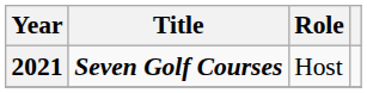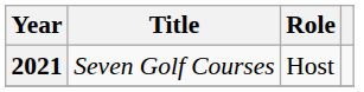 <table class="wikitable sortable plainrowheaders">
 <tr>
 <th scope="col">Year</th>
 <th scope="col">Title</th>
 <th scope="col">Role</th>
 <th scope="col" class="unsortable"></th>
 </tr>
 <tr>
 <th scope="row">2021</th>
-<td><strong><em>Seven Golf Courses</em></strong></td>
+<td><em>Seven Golf Courses</em></td>
 <td>Host</td>
 <td></td>
 </tr>
 <tr>
 </tr>
 </table>
